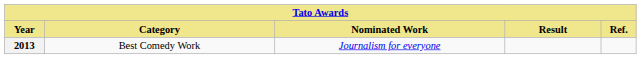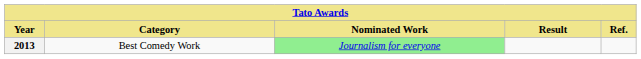 <table class="wikitable" width="77%">
 <tr>
 <th colspan="5" style="background:#F0E68C"><a href='#'>Tato Awards</a></th>
 </tr>
 <tr>
 <th width="33" style="background:#F0E68C">Year</th>
 <th width="225" style="background:#F0E68C">Category</th>
 <th width="225" style="background:#F0E68C">Nominated Work</th>
 <th width="90" style="background:#F0E68C">Result</th>
 <th width="5" style="background:#F0E68C">Ref.</th>
 </tr>
 <tr>
 <th>2013</th>
 <td align="center">Best Comedy Work</td>
-<td align="center"><em><a href='#'>Journalism for everyone</a></em></td>
+<td align="center" style="background: lightgreen;"><em><a href='#'>Journalism for everyone</a></em></td>
 <td></td>
 <td align="center"></td>
 </tr>
 </table>
